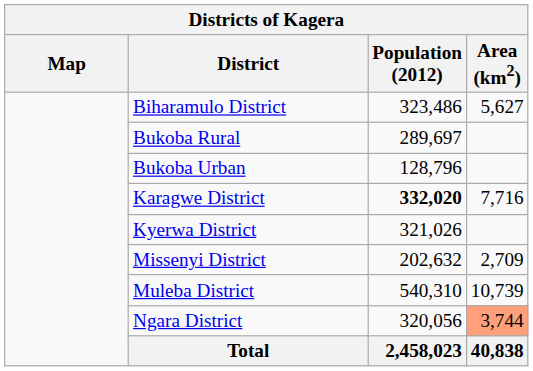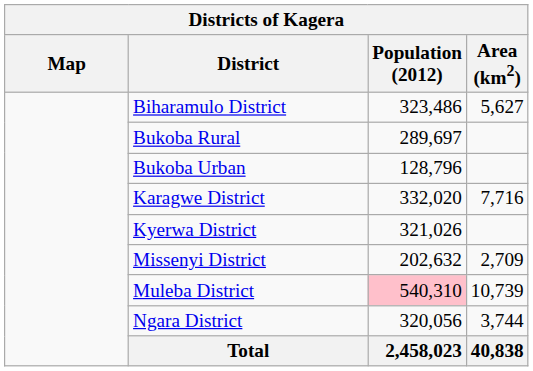 <table class="wikitable">
 <tr>
 <th colspan="7">Districts of Kagera</th>
 </tr>
 <tr style="text-align:center;">
 <th style="width: 6em">Map</th>
 <th style="width: 12em">District</th>
 <th>Population<br>(2012)</th>
 <th>Area<br>(km<sup>2</sup>)</th>
 </tr>
 <tr>
 <td rowspan=9></td>
 <td><a href='#'>Biharamulo District</a></td>
 <td style="text-align:right;">323,486</td>
 <td style="text-align:right;">5,627</td>
 </tr>
 <tr>
 <td><a href='#'>Bukoba Rural</a></td>
 <td style="text-align:right;">289,697</td>
 <td style="text-align:right;"></td>
 </tr>
 <tr>
 <td><a href='#'>Bukoba Urban</a></td>
 <td style="text-align:right;">128,796</td>
 <td style="text-align:right;"></td>
 </tr>
 <tr>
 <td><a href='#'>Karagwe District</a></td>
-<td style="text-align:right;"><strong>332,020</strong></td>
+<td style="text-align:right;">332,020</td>
 <td style="text-align:right;">7,716</td>
 </tr>
 <tr>
 <td><a href='#'>Kyerwa District</a></td>
 <td style="text-align:right;">321,026</td>
 <td style="text-align:right;"></td>
 </tr>
 <tr>
 <td><a href='#'>Missenyi District</a></td>
 <td style="text-align:right;">202,632</td>
 <td style="text-align:right;">2,709</td>
 </tr>
 <tr>
 <td><a href='#'>Muleba District</a></td>
-<td style="text-align:right;">540,310</td>
+<td style="background: pink; text-align:right;">540,310</td>
 <td style="text-align:right;">10,739</td>
 </tr>
 <tr>
 <td><a href='#'>Ngara District</a></td>
 <td style="text-align:right;">320,056</td>
-<td style="background: lightsalmon; text-align:right;">3,744</td>
+<td style="text-align:right;">3,744</td>
 </tr>
 <tr>
 <th>Total</th>
 <th style="text-align:right;">2,458,023</th>
 <th style="text-align:right;">40,838</th>
 </tr>
 </table>
